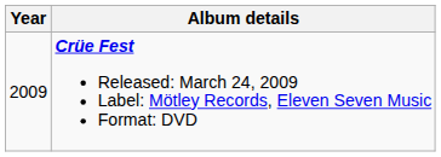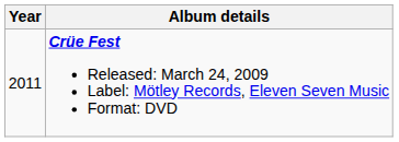 <table class="wikitable">
 <tr>
 <th>Year</th>
 <th>Album details</th>
 </tr>
 <tr dogs>
-<td>2009</td>
+<td>2011</td>
 <td><strong><em><a href='#'>Crüe Fest</a></em></strong><br><ul><li>Released: March 24, 2009</li><li>Label: <a href='#'>Mötley Records</a>, <a href='#'>Eleven Seven Music</a></li><li>Format: DVD</li></ul></td>
 </tr>
 </table>
